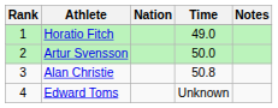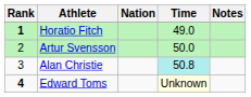 <table class="wikitable sortable" style="text-align:center">
 <tr>
 <th>Rank</th>
 <th>Athlete</th>
 <th>Nation</th>
 <th>Time</th>
 <th>Notes</th>
 </tr>
 <tr>
 </tr>
 <tr bgcolor=bbf3bb>
-<td>1</td>
+<td><strong>1</strong></td>
 <td align=left><a href='#'>Horatio Fitch</a></td>
 <td align=left></td>
 <td>49.0</td>
 <td></td>
 </tr>
 <tr bgcolor=bbf3bb>
 <td>2</td>
 <td align=left><a href='#'>Artur Svensson</a></td>
 <td align=left></td>
 <td>50.0</td>
 <td></td>
 </tr>
 <tr>
 <td>3</td>
 <td align=left><a href='#'>Alan Christie</a></td>
 <td align=left></td>
-<td>50.8</td>
+<td style="background: paleturquoise;">50.8</td>
 <td></td>
 </tr>
 <tr>
-<td>4</td>
+<td><strong>4</strong></td>
 <td align=left><a href='#'>Edward Toms</a></td>
 <td align=left></td>
-<td>Unknown</td>
+<td style="background: lightyellow;">Unknown</td>
 <td></td>
 </tr>
 </table>
